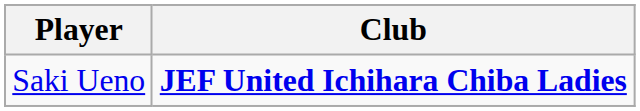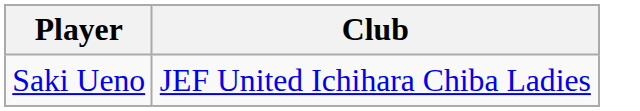 <table class="wikitable">
 <tr>
 <th>Player</th>
 <th>Club</th>
 </tr>
 <tr>
 <td> <a href='#'>Saki Ueno</a></td>
-<td><strong><a href='#'>JEF United Ichihara Chiba Ladies</a></strong></td>
+<td><a href='#'>JEF United Ichihara Chiba Ladies</a></td>
 </tr>
 </table>
